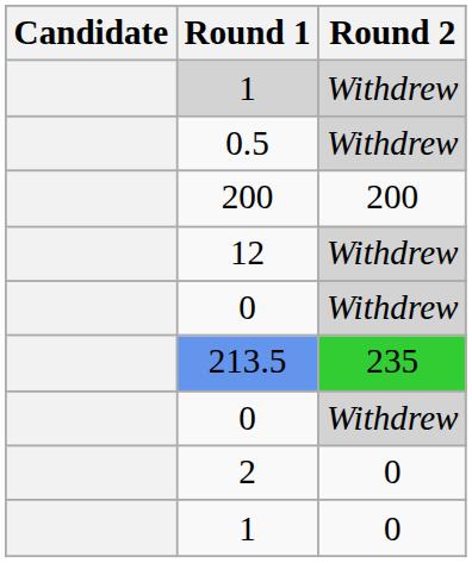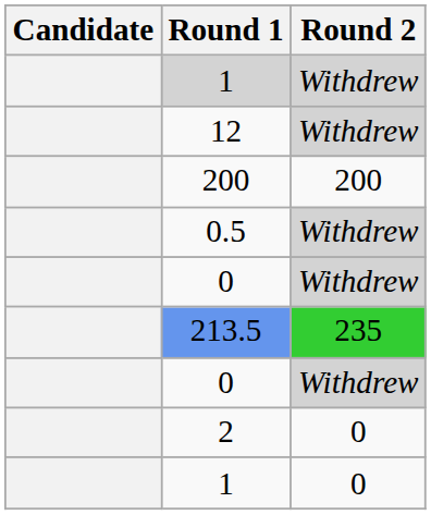 <table class="wikitable sortable plainrowheaders" style="text-align:center">
 <tr>
 <th scope="col">Candidate</th>
 <th scope="col">Round 1</th>
 <th scope="col">Round 2</th>
 </tr>
 <tr>
 <th scope="row"></th>
 <td style="background:lightgrey;">1</td>
 <td style="background:lightgrey;"><em>Withdrew</em></td>
 </tr>
 <tr>
 <th scope="row"></th>
-<td>0.5</td>
+<td>12</td>
 <td style="background:lightgrey;"><em>Withdrew</em></td>
 </tr>
 <tr>
 <th scope="row"></th>
 <td>200</td>
 <td>200</td>
 </tr>
 <tr>
 <th scope="row"></th>
-<td>12</td>
+<td>0.5</td>
 <td style="background:lightgrey;"><em>Withdrew</em></td>
 </tr>
 <tr>
 <th scope="row"></th>
 <td>0</td>
 <td style="background:lightgrey;"><em>Withdrew</em></td>
 </tr>
 <tr>
 <th scope="row"></th>
 <td style="background:cornflowerblue;">213.5</td>
 <td style="background:limegreen;">235</td>
 </tr>
 <tr>
 <th scope="row"></th>
 <td>0</td>
 <td style="background:lightgrey;"><em>Withdrew</em></td>
 </tr>
 <tr>
 <th scope="row"></th>
 <td>2</td>
 <td>0</td>
 </tr>
 <tr>
 <th scope="row"></th>
 <td>1</td>
 <td>0</td>
 </tr>
 </table>
